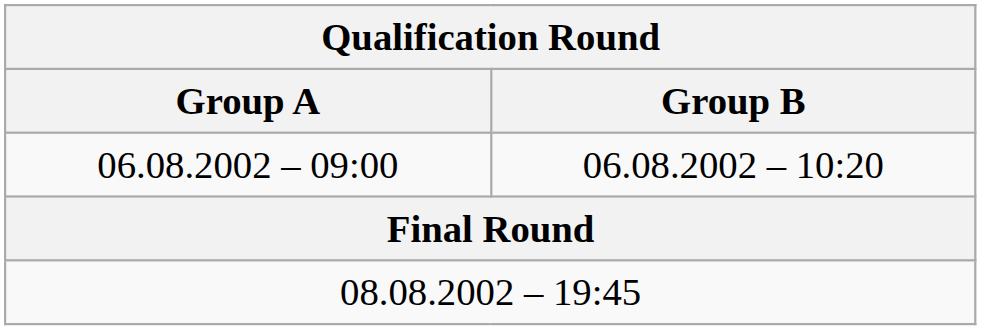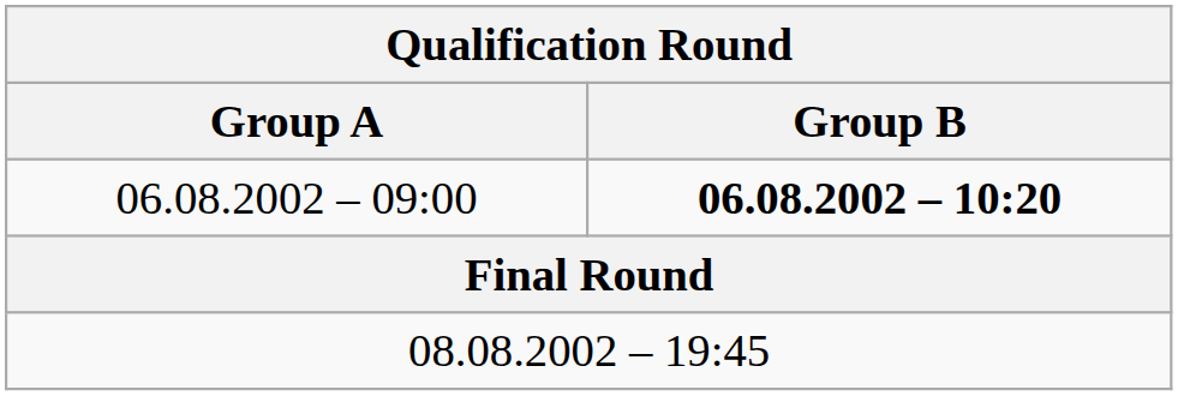 <table class="wikitable" style=" text-align:center; font-size:110%;" width="35%">
 <tr>
 <th colspan="2">Qualification Round</th>
 </tr>
 <tr>
 <th>Group A</th>
 <th>Group B</th>
 </tr>
 <tr>
 <td>06.08.2002 – 09:00</td>
-<td>06.08.2002 – 10:20</td>
+<td><strong>06.08.2002 – 10:20</strong></td>
 </tr>
 <tr>
 <th colspan="2">Final Round</th>
 </tr>
 <tr>
 <td colspan="2">08.08.2002 – 19:45</td>
 </tr>
 </table>
